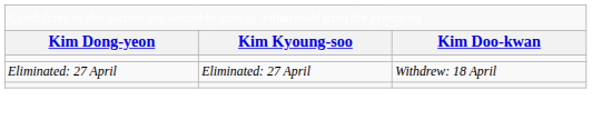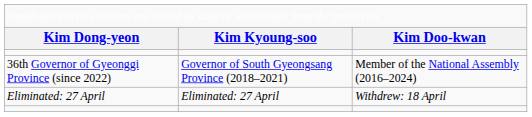 <table class="wikitable defaultcenter">
 <tr>
 <td colspan="3" style="font-size:120%; color:white; background:"><em><small>Candidates in this section are sorted by date of withdrawal from the primaries</small></em></td>
 </tr>
 <tr>
 <th scope="col" style="width:11.8em; font-size:120%;"><a href='#'>Kim Dong-yeon</a></th>
 <th scope="col" style="width:11.8em; font-size:120%;"><a href='#'>Kim Kyoung-soo</a></th>
 <th scope="col" style="width:11.8em; font-size:120%;"><a href='#'>Kim Doo-kwan</a></th>
 </tr>
 <tr>
 <td></td>
 <td></td>
 <td></td>
 </tr>
 <tr>
+<td>36th <a href='#'>Governor of Gyeonggi Province</a> (since 2022)</td>
+<td><a href='#'>Governor of South Gyeongsang Province</a> (2018–2021)</td>
+<td>Member of the <a href='#'>National Assembly</a> (2016–2024)</td>
+</tr>
+<tr>
 <td><em>Eliminated: 27 April</em><br></td>
 <td><em>Eliminated: 27 April</em><br></td>
 <td><em>Withdrew: 18 April</em><br></td>
 </tr>
 <tr>
 <td></td>
 <td></td>
 <td></td>
 </tr>
 </table>
